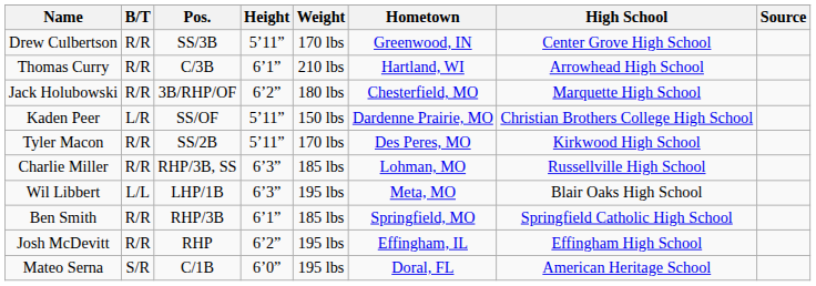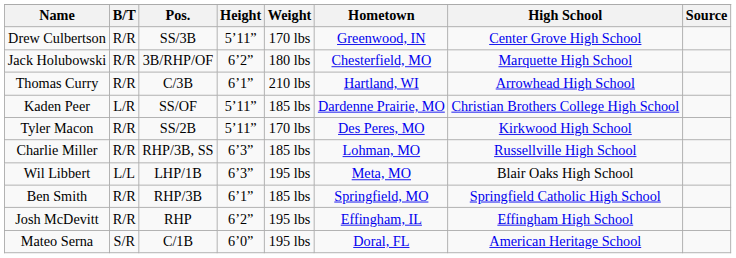 <table class="wikitable sortable collapsible">
 <tr>
 </tr>
 <tr>
 <th style="text-align:center; ">Name</th>
 <th style="text-align:center; ">B/T</th>
 <th style="text-align:center; ">Pos.</th>
 <th style="text-align:center; ">Height</th>
 <th style="text-align:center; ">Weight</th>
 <th style="text-align:center; ">Hometown</th>
 <th style="text-align:center; ">High School</th>
 <th style="text-align:center; ">Source</th>
 </tr>
 <tr align="center">
 <td>Drew Culbertson</td>
 <td>R/R</td>
 <td>SS/3B</td>
 <td>5’11”</td>
 <td>170 lbs</td>
 <td><a href='#'>Greenwood, IN</a></td>
 <td><a href='#'>Center Grove High School</a></td>
 <td></td>
 </tr>
 <tr align="center">
+<td>Jack Holubowski</td>
+<td>R/R</td>
+<td>3B/RHP/OF</td>
+<td>6’2”</td>
+<td>180 lbs</td>
+<td><a href='#'>Chesterfield, MO</a></td>
+<td><a href='#'>Marquette High School</a></td>
+<td></td>
+</tr>
+<tr align="center">
 <td>Thomas Curry</td>
 <td>R/R</td>
 <td>C/3B</td>
 <td>6’1”</td>
 <td>210 lbs</td>
 <td><a href='#'>Hartland, WI</a></td>
 <td><a href='#'>Arrowhead High School</a></td>
 <td></td>
 </tr>
 <tr align="center">
-<td>Jack Holubowski</td>
-<td>R/R</td>
-<td>3B/RHP/OF</td>
-<td>6’2”</td>
-<td>180 lbs</td>
-<td><a href='#'>Chesterfield, MO</a></td>
-<td><a href='#'>Marquette High School</a></td>
-<td></td>
-</tr>
-<tr align="center">
 <td>Kaden Peer</td>
 <td>L/R</td>
 <td>SS/OF</td>
 <td>5’11”</td>
-<td>150 lbs</td>
+<td>185 lbs</td>
 <td><a href='#'>Dardenne Prairie, MO</a></td>
 <td><a href='#'>Christian Brothers College High School</a></td>
 <td></td>
 </tr>
 <tr align="center">
 <td>Tyler Macon</td>
 <td>R/R</td>
 <td>SS/2B</td>
 <td>5’11”</td>
 <td>170 lbs</td>
 <td><a href='#'>Des Peres, MO</a></td>
 <td><a href='#'>Kirkwood High School</a></td>
 <td></td>
 </tr>
 <tr align="center">
 <td>Charlie Miller</td>
 <td>R/R</td>
 <td>RHP/3B, SS</td>
 <td>6’3”</td>
 <td>185 lbs</td>
 <td><a href='#'>Lohman, MO</a></td>
 <td><a href='#'>Russellville High School</a></td>
 <td></td>
 </tr>
 <tr align="center">
 <td>Wil Libbert</td>
 <td>L/L</td>
 <td>LHP/1B</td>
 <td>6’3”</td>
 <td>195 lbs</td>
 <td><a href='#'>Meta, MO</a></td>
 <td>Blair Oaks High School</td>
 <td></td>
 </tr>
 <tr align="center">
 <td>Ben Smith</td>
 <td>R/R</td>
 <td>RHP/3B</td>
 <td>6’1”</td>
 <td>185 lbs</td>
 <td><a href='#'>Springfield, MO</a></td>
 <td><a href='#'>Springfield Catholic High School</a></td>
 <td></td>
 </tr>
 <tr align="center">
 <td>Josh McDevitt</td>
 <td>R/R</td>
 <td>RHP</td>
 <td>6’2”</td>
 <td>195 lbs</td>
 <td><a href='#'>Effingham, IL</a></td>
 <td><a href='#'>Effingham High School</a></td>
 <td></td>
 </tr>
 <tr align="center">
 <td>Mateo Serna</td>
 <td>S/R</td>
 <td>C/1B</td>
 <td>6’0”</td>
 <td>195 lbs</td>
 <td><a href='#'>Doral, FL</a></td>
 <td><a href='#'>American Heritage School</a></td>
 <td></td>
 </tr>
 </table>
